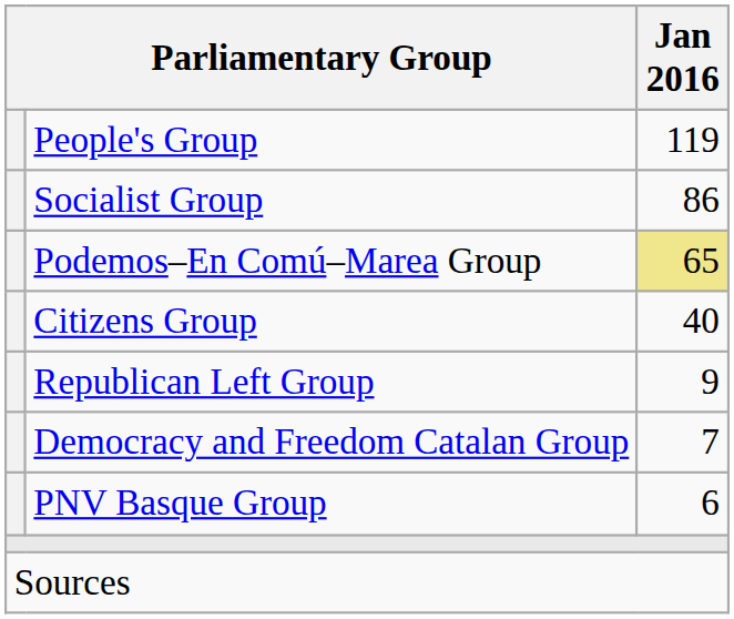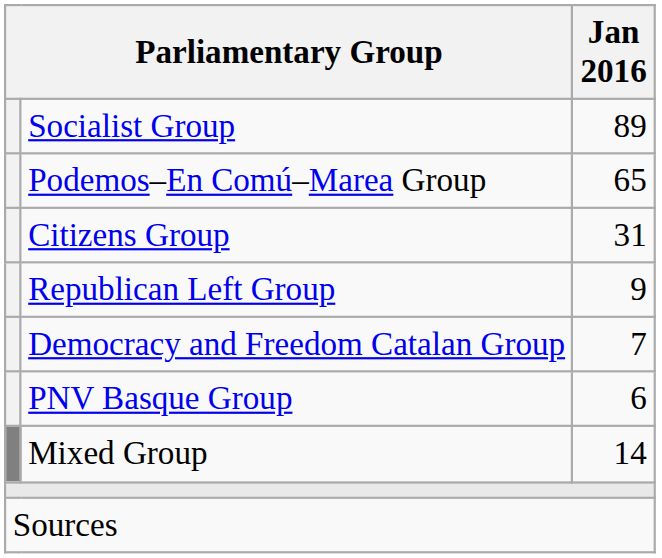 <table class="wikitable" style="font-size:95%;">
 <tr>
 <th colspan="2">Parliamentary Group</th>
 <th>Jan<br>2016</th>
 </tr>
 <tr>
-<th width="1px" style="background-color:"></th>
-<td><a href='#'>People's Group</a></td>
-<td align="right">119</td>
-</tr>
-<tr>
 <th style="background-color:"></th>
 <td><a href='#'>Socialist Group</a></td>
-<td align="right">86</td>
+<td align="right">89</td>
 </tr>
 <tr>
 <th style="background-color:"></th>
 <td><a href='#'>Podemos</a>–<a href='#'>En Comú</a>–<a href='#'>Marea</a> Group</td>
-<td align="right" style="background: khaki;">65</td>
+<td align="right">65</td>
 </tr>
 <tr>
 <th style="background-color:"></th>
 <td><a href='#'>Citizens Group</a></td>
-<td align="right">40</td>
+<td align="right">31</td>
 </tr>
 <tr>
 <th style="background-color:"></th>
 <td><a href='#'>Republican Left Group</a></td>
 <td align="right">9</td>
 </tr>
 <tr>
 <th style="background-color:"></th>
 <td><a href='#'>Democracy and Freedom Catalan Group</a></td>
 <td align="right">7</td>
 </tr>
 <tr>
 <th style="background-color:"></th>
 <td><a href='#'>PNV Basque Group</a></td>
 <td align="right">6</td>
 </tr>
 <tr>
+<th style="background-color:gray"></th>
+<td>Mixed Group</td>
+<td align="right">14</td>
+</tr>
+<tr>
 <td colspan="3" bgcolor="#E9E9E9"></td>
 </tr>
 <tr>
 <td align="left" colspan="3">Sources</td>
 </tr>
 </table>
